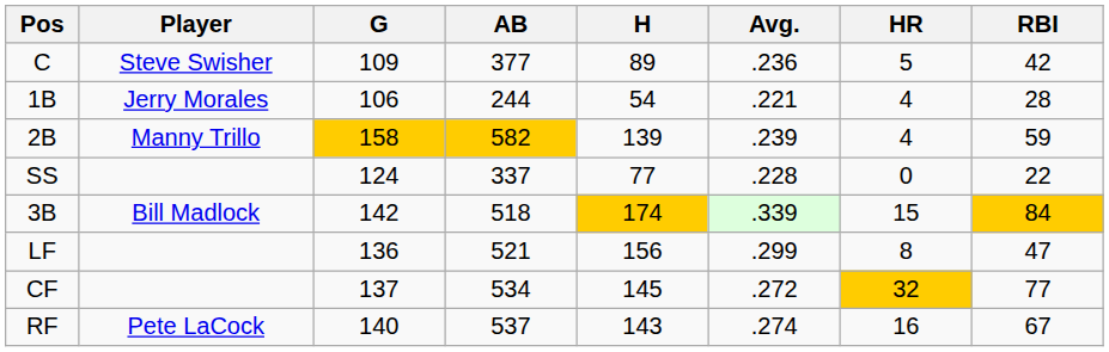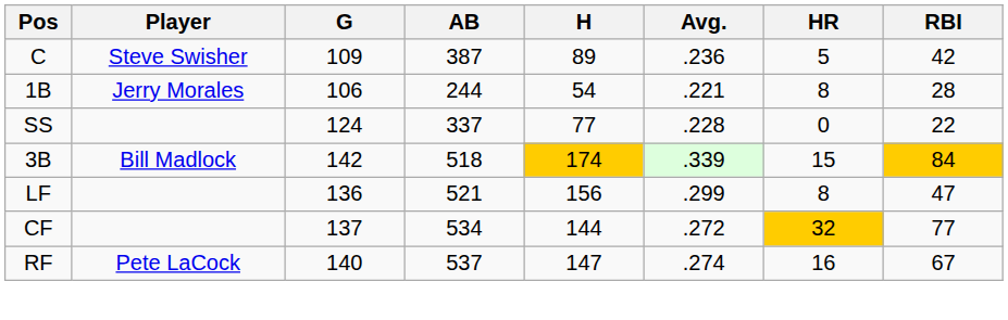 <table class="wikitable sortable">
 <tr>
 <th bgcolor="#DDDDFF" width="5%">Pos</th>
 <th bgcolor="#DDDDFF" width="16%">Player</th>
 <th bgcolor="#DDDDFF" width="9%">G</th>
 <th bgcolor="#DDDDFF" width="9%">AB</th>
 <th bgcolor="#DDDDFF" width="9%">H</th>
 <th bgcolor="#DDDDFF" width="9%">Avg.</th>
 <th bgcolor="#DDDDFF" width="9%">HR</th>
 <th bgcolor="#DDDDFF" width="9%">RBI</th>
 </tr>
 <tr align="center">
 <td>C</td>
 <td><a href='#'>Steve Swisher</a></td>
 <td>109</td>
-<td>377</td>
+<td>387</td>
 <td>89</td>
 <td>.236</td>
 <td>5</td>
 <td>42</td>
 </tr>
 <tr align=center>
 <td>1B</td>
 <td><a href='#'>Jerry Morales</a></td>
 <td>106</td>
 <td>244</td>
 <td>54</td>
 <td>.221</td>
-<td>4</td>
+<td>8</td>
 <td>28</td>
-</tr>
-<tr align=center>
-<td>2B</td>
-<td><a href='#'>Manny Trillo</a></td>
-<td style="background:#fc0;">158</td>
-<td style="background:#fc0;">582</td>
-<td>139</td>
-<td>.239</td>
-<td>4</td>
-<td>59</td>
 </tr>
 <tr align=center>
 <td>SS</td>
 <td></td>
 <td>124</td>
 <td>337</td>
 <td>77</td>
 <td>.228</td>
 <td>0</td>
 <td>22</td>
 </tr>
 <tr align="center">
 <td>3B</td>
 <td><a href='#'>Bill Madlock</a></td>
 <td>142</td>
 <td>518</td>
 <td style="background:#fc0;">174</td>
 <td style="background:#DDFFDD;">.339</td>
 <td>15</td>
 <td style="background:#fc0;">84</td>
 </tr>
 <tr align="center">
 <td>LF</td>
 <td></td>
 <td>136</td>
 <td>521</td>
 <td>156</td>
 <td>.299</td>
 <td>8</td>
 <td>47</td>
 </tr>
 <tr align="center">
 <td>CF</td>
 <td></td>
 <td>137</td>
 <td>534</td>
-<td>145</td>
+<td>144</td>
 <td>.272</td>
 <td style="background:#fc0;">32</td>
 <td>77</td>
 </tr>
 <tr align="center">
 <td>RF</td>
 <td><a href='#'>Pete LaCock</a></td>
 <td>140</td>
 <td>537</td>
-<td>143</td>
+<td>147</td>
 <td>.274</td>
 <td>16</td>
 <td>67</td>
 </tr>
 </table>
